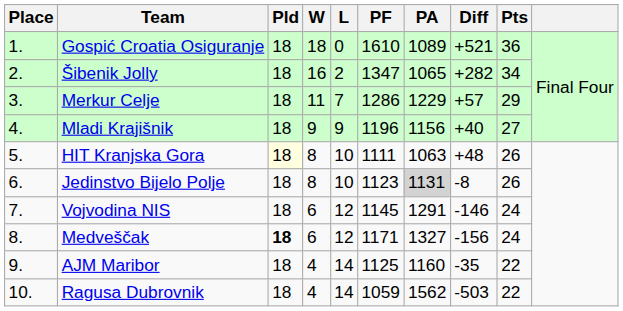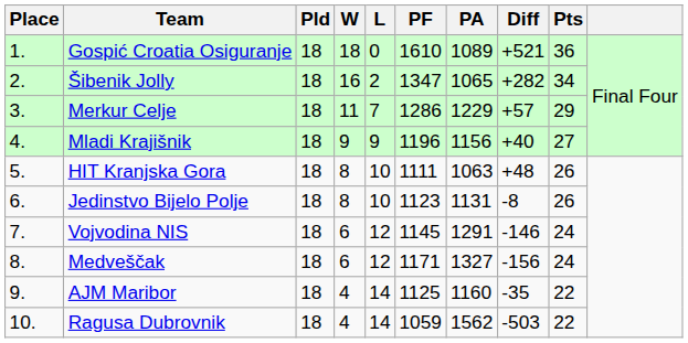 <table class="wikitable">
 <tr>
 <th>Place</th>
 <th>Team</th>
 <th>Pld</th>
 <th>W</th>
 <th>L</th>
 <th>PF</th>
 <th>PA</th>
 <th>Diff</th>
 <th>Pts</th>
 <th></th>
 </tr>
 <tr bgcolor=#ccffcc>
 <td>1.</td>
 <td> <a href='#'>Gospić Croatia Osiguranje</a></td>
 <td>18</td>
 <td>18</td>
 <td>0</td>
 <td>1610</td>
 <td>1089</td>
 <td>+521</td>
 <td>36</td>
 <td rowspan="4">Final Four</td>
 </tr>
 <tr bgcolor=#ccffcc>
 <td>2.</td>
 <td> <a href='#'>Šibenik Jolly</a></td>
 <td>18</td>
 <td>16</td>
 <td>2</td>
 <td>1347</td>
 <td>1065</td>
 <td>+282</td>
 <td>34</td>
 </tr>
 <tr bgcolor=#ccffcc>
 <td>3.</td>
 <td> <a href='#'>Merkur Celje</a></td>
 <td>18</td>
 <td>11</td>
 <td>7</td>
 <td>1286</td>
 <td>1229</td>
 <td>+57</td>
 <td>29</td>
 </tr>
 <tr bgcolor=#ccffcc>
 <td>4.</td>
 <td> <a href='#'>Mladi Krajišnik</a></td>
 <td>18</td>
 <td>9</td>
 <td>9</td>
 <td>1196</td>
 <td>1156</td>
 <td>+40</td>
 <td>27</td>
 </tr>
 <tr>
 <td>5.</td>
 <td> <a href='#'>HIT Kranjska Gora</a></td>
-<td style="background: lightyellow;">18</td>
+<td>18</td>
 <td>8</td>
 <td>10</td>
 <td>1111</td>
 <td>1063</td>
 <td>+48</td>
 <td>26</td>
 <td rowspan="6"></td>
 </tr>
 <tr>
 <td>6.</td>
 <td> <a href='#'>Jedinstvo Bijelo Polje</a></td>
 <td>18</td>
 <td>8</td>
 <td>10</td>
 <td>1123</td>
-<td style="background: lightgrey;">1131</td>
+<td>1131</td>
 <td>-8</td>
 <td>26</td>
 </tr>
 <tr>
 <td>7.</td>
 <td> <a href='#'>Vojvodina NIS</a></td>
 <td>18</td>
 <td>6</td>
 <td>12</td>
 <td>1145</td>
 <td>1291</td>
 <td>-146</td>
 <td>24</td>
 </tr>
 <tr>
 <td>8.</td>
 <td> <a href='#'>Medveščak</a></td>
-<td><strong>18</strong></td>
+<td>18</td>
 <td>6</td>
 <td>12</td>
 <td>1171</td>
 <td>1327</td>
 <td>-156</td>
 <td>24</td>
 </tr>
 <tr>
 <td>9.</td>
 <td> <a href='#'>AJM Maribor</a></td>
 <td>18</td>
 <td>4</td>
 <td>14</td>
 <td>1125</td>
 <td>1160</td>
 <td>-35</td>
 <td>22</td>
 </tr>
 <tr>
 <td>10.</td>
 <td> <a href='#'>Ragusa Dubrovnik</a></td>
 <td>18</td>
 <td>4</td>
 <td>14</td>
 <td>1059</td>
 <td>1562</td>
 <td>-503</td>
 <td>22</td>
 </tr>
 </table>
